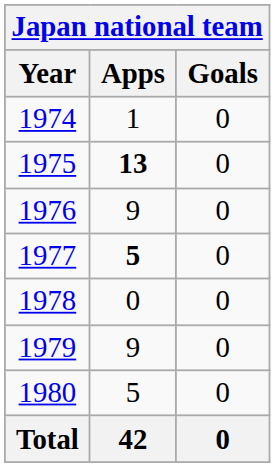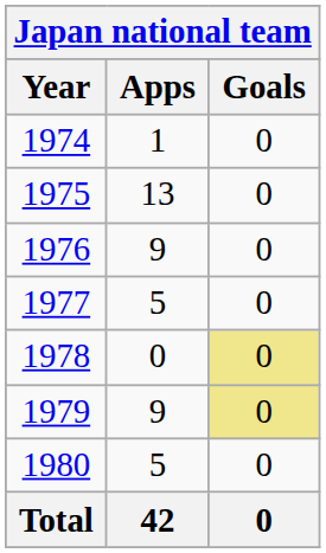 <table class="wikitable" style="text-align:center">
 <tr>
 <th colspan=3><a href='#'>Japan national team</a></th>
 </tr>
 <tr>
 <th>Year</th>
 <th>Apps</th>
 <th>Goals</th>
 </tr>
 <tr>
 <td><a href='#'>1974</a></td>
 <td>1</td>
 <td>0</td>
 </tr>
 <tr>
 <td><a href='#'>1975</a></td>
-<td><strong>13</strong></td>
+<td>13</td>
 <td>0</td>
 </tr>
 <tr>
 <td><a href='#'>1976</a></td>
 <td>9</td>
 <td>0</td>
 </tr>
 <tr>
 <td><a href='#'>1977</a></td>
-<td><strong>5</strong></td>
+<td>5</td>
 <td>0</td>
 </tr>
 <tr>
 <td><a href='#'>1978</a></td>
 <td>0</td>
-<td>0</td>
+<td style="background: khaki;">0</td>
 </tr>
 <tr>
 <td><a href='#'>1979</a></td>
 <td>9</td>
-<td>0</td>
+<td style="background: khaki;">0</td>
 </tr>
 <tr>
 <td><a href='#'>1980</a></td>
 <td>5</td>
 <td>0</td>
 </tr>
 <tr>
 <th>Total</th>
 <th>42</th>
 <th>0</th>
 </tr>
 </table>
